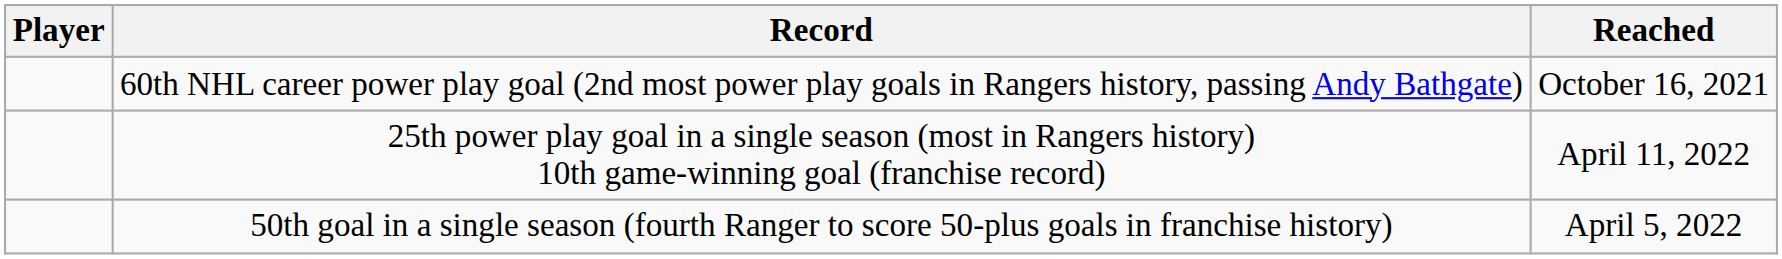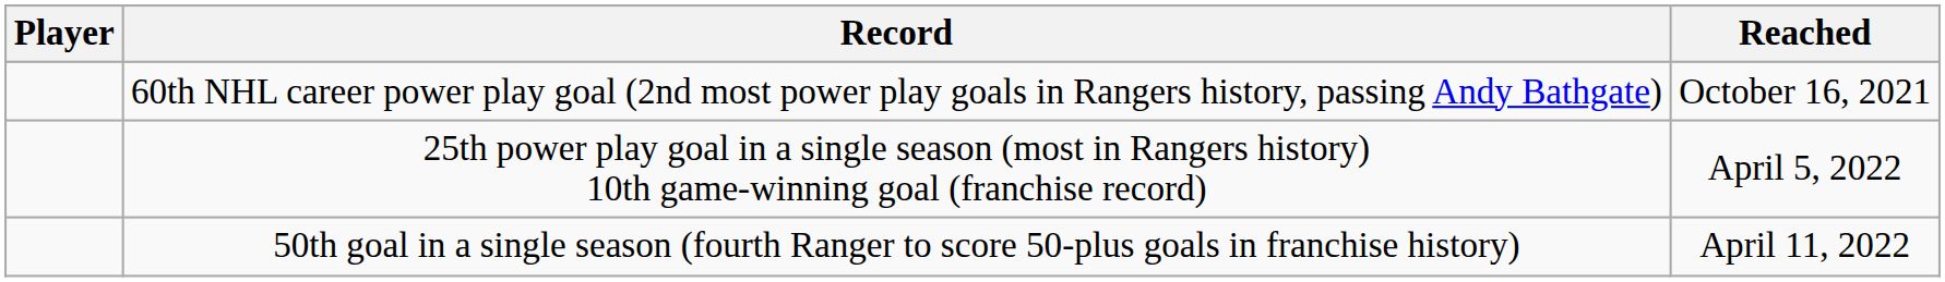 <table class="wikitable sortable" style="text-align:center;">
 <tr>
 <th>Player</th>
 <th>Record</th>
 <th>Reached</th>
 </tr>
 <tr>
 <td></td>
 <td>60th NHL career power play goal (2nd most power play goals in Rangers history, passing <a href='#'>Andy Bathgate</a>)</td>
 <td>October 16, 2021</td>
 </tr>
 <tr>
 <td></td>
 <td>25th power play goal in a single season (most in Rangers history)<br>10th game-winning goal (franchise record)</td>
-<td>April 11, 2022</td>
+<td>April 5, 2022</td>
 </tr>
 <tr>
 <td></td>
 <td>50th goal in a single season (fourth Ranger to score 50-plus goals in franchise history)</td>
-<td>April 5, 2022</td>
+<td>April 11, 2022</td>
 </tr>
 </table>
